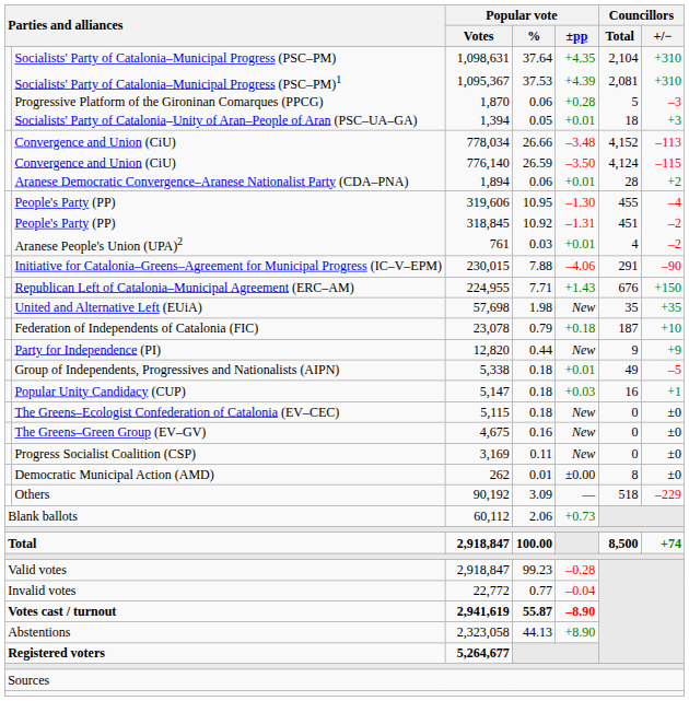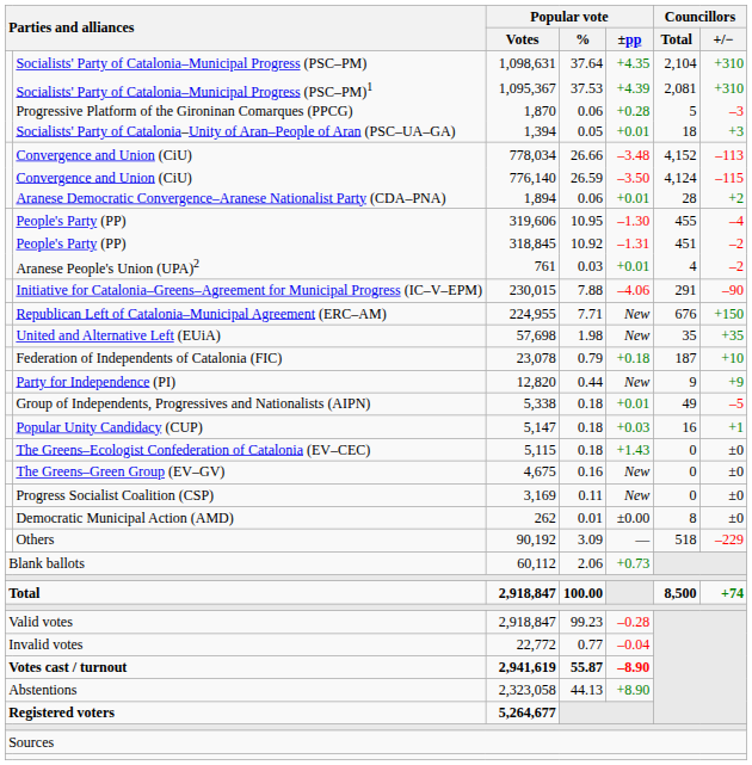 <table class="wikitable" style="text-align:right;">
 <tr>
 <th style="text-align:left;" rowspan="2" colspan="2" width="525">Parties and alliances</th>
 <th colspan="3">Popular vote</th>
 <th colspan="2">Councillors</th>
 </tr>
 <tr>
 <th width="75">Votes</th>
 <th width="45">%</th>
 <th width="45">±<a href='#'>pp</a></th>
 <th width="45">Total</th>
 <th width="45">+/−</th>
 </tr>
 <tr style="line-height:22px;">
 <td width="1" rowspan="4"></td>
 <td align="left"><a href='#'>Socialists' Party of Catalonia–Municipal Progress</a> (PSC–PM)</td>
 <td>1,098,631</td>
 <td>37.64</td>
 <td style="color:green;">+4.35</td>
 <td>2,104</td>
 <td style="color:green;">+310</td>
 </tr>
 <tr style="border-bottom-style:hidden; border-top-style:hidden; line-height:16px;">
 <td align="left"><span><a href='#'>Socialists' Party of Catalonia–Municipal Progress</a> (PSC–PM)<sup>1</sup></span></td>
 <td>1,095,367</td>
 <td>37.53</td>
 <td style="color:green;">+4.39</td>
 <td>2,081</td>
 <td style="color:green;">+310</td>
 </tr>
 <tr style="border-bottom-style:hidden; line-height:16px;">
 <td align="left"><span>Progressive Platform of the Gironinan Comarques (PPCG)</span></td>
 <td>1,870</td>
 <td>0.06</td>
 <td style="color:green;">+0.28</td>
 <td>5</td>
 <td style="color:red;">–3</td>
 </tr>
 <tr style="line-height:16px;">
 <td align="left"><span><a href='#'>Socialists' Party of Catalonia</a>–<a href='#'>Unity of Aran–People of Aran</a> (PSC–UA–GA)</span></td>
 <td>1,394</td>
 <td>0.05</td>
 <td style="color:green;">+0.01</td>
 <td>18</td>
 <td style="color:green;">+3</td>
 </tr>
 <tr style="line-height:22px;">
 <td rowspan="3" style="color:inherit;background:"></td>
 <td align="left"><a href='#'>Convergence and Union</a> (CiU)</td>
 <td>778,034</td>
 <td>26.66</td>
 <td style="color:red;">–3.48</td>
 <td>4,152</td>
 <td style="color:red;">–113</td>
 </tr>
 <tr style="border-bottom-style:hidden; border-top-style:hidden; line-height:16px;">
 <td align="left"><span><a href='#'>Convergence and Union</a> (CiU)</span></td>
 <td>776,140</td>
 <td>26.59</td>
 <td style="color:red;">–3.50</td>
 <td>4,124</td>
 <td style="color:red;">–115</td>
 </tr>
 <tr style="line-height:16px;">
 <td align="left"><span><a href='#'>Aranese Democratic Convergence–Aranese Nationalist Party</a> (CDA–PNA)</span></td>
 <td>1,894</td>
 <td>0.06</td>
 <td style="color:green;">+0.01</td>
 <td>28</td>
 <td style="color:green;">+2</td>
 </tr>
 <tr style="line-height:22px;">
 <td rowspan="3" style="color:inherit;background:"></td>
 <td align="left"><a href='#'>People's Party</a> (PP)</td>
 <td>319,606</td>
 <td>10.95</td>
 <td style="color:red;">–1.30</td>
 <td>455</td>
 <td style="color:red;">–4</td>
 </tr>
 <tr style="border-bottom-style:hidden; border-top-style:hidden; line-height:16px;">
 <td align="left"><span><a href='#'>People's Party</a> (PP)</span></td>
 <td>318,845</td>
 <td>10.92</td>
 <td style="color:red;">–1.31</td>
 <td>451</td>
 <td style="color:red;">–2</td>
 </tr>
 <tr style="line-height:16px;">
 <td align="left"><span>Aranese People's Union (UPA)<sup>2</sup></span></td>
 <td>761</td>
 <td>0.03</td>
 <td style="color:green;">+0.01</td>
 <td>4</td>
 <td style="color:red;">–2</td>
 </tr>
 <tr>
 <td style="color:inherit;background:"></td>
 <td align="left"><a href='#'>Initiative for Catalonia–Greens–Agreement for Municipal Progress</a> (IC–V–EPM)</td>
 <td>230,015</td>
 <td>7.88</td>
 <td style="color:red;">–4.06</td>
 <td>291</td>
 <td style="color:red;">–90</td>
 </tr>
 <tr>
 <td style="color:inherit;background:"></td>
 <td align="left"><a href='#'>Republican Left of Catalonia–Municipal Agreement</a> (ERC–AM)</td>
 <td>224,955</td>
 <td>7.71</td>
-<td style="color:green;">+1.43</td>
+<td><em>New</em></td>
 <td>676</td>
 <td style="color:green;">+150</td>
 </tr>
 <tr>
 <td style="color:inherit;background:"></td>
 <td align="left"><a href='#'>United and Alternative Left</a> (EUiA)</td>
 <td>57,698</td>
 <td>1.98</td>
 <td><em>New</em></td>
 <td>35</td>
 <td style="color:green;">+35</td>
 </tr>
 <tr>
 <td style="color:inherit;background:"></td>
 <td align="left">Federation of Independents of Catalonia (FIC)</td>
 <td>23,078</td>
 <td>0.79</td>
 <td style="color:green;">+0.18</td>
 <td>187</td>
 <td style="color:green;">+10</td>
 </tr>
 <tr>
 <td style="color:inherit;background:"></td>
 <td align="left"><a href='#'>Party for Independence</a> (PI)</td>
 <td>12,820</td>
 <td>0.44</td>
 <td><em>New</em></td>
 <td>9</td>
 <td style="color:green;">+9</td>
 </tr>
 <tr>
 <td style="color:inherit;background:"></td>
 <td align="left">Group of Independents, Progressives and Nationalists (AIPN)</td>
 <td>5,338</td>
 <td>0.18</td>
 <td style="color:green;">+0.01</td>
 <td>49</td>
 <td style="color:red;">–5</td>
 </tr>
 <tr>
 <td style="color:inherit;background:"></td>
 <td align="left"><a href='#'>Popular Unity Candidacy</a> (CUP)</td>
 <td>5,147</td>
 <td>0.18</td>
 <td style="color:green;">+0.03</td>
 <td>16</td>
 <td style="color:green;">+1</td>
 </tr>
 <tr>
 <td style="color:inherit;background:"></td>
 <td align="left"><a href='#'>The Greens–Ecologist Confederation of Catalonia</a> (EV–CEC)</td>
 <td>5,115</td>
 <td>0.18</td>
-<td><em>New</em></td>
+<td style="color:green;">+1.43</td>
 <td>0</td>
 <td>±0</td>
 </tr>
 <tr>
 <td style="color:inherit;background:"></td>
 <td align="left"><a href='#'>The Greens–Green Group</a> (EV–GV)</td>
 <td>4,675</td>
 <td>0.16</td>
 <td><em>New</em></td>
 <td>0</td>
 <td>±0</td>
 </tr>
 <tr>
 <td style="color:inherit;background:"></td>
 <td align="left">Progress Socialist Coalition (CSP)</td>
 <td>3,169</td>
 <td>0.11</td>
 <td><em>New</em></td>
 <td>0</td>
 <td>±0</td>
 </tr>
 <tr>
 <td style="color:inherit;background:"></td>
 <td align="left">Democratic Municipal Action (AMD)</td>
 <td>262</td>
 <td>0.01</td>
 <td>±0.00</td>
 <td>8</td>
 <td>±0</td>
 </tr>
 <tr>
 <td bgcolor="white"></td>
 <td align="left">Others</td>
 <td>90,192</td>
 <td>3.09</td>
 <td>—</td>
 <td>518</td>
 <td style="color:red;">–229</td>
 </tr>
 <tr>
 <td align="left" colspan="2">Blank ballots</td>
 <td>60,112</td>
 <td>2.06</td>
 <td style="color:green;">+0.73</td>
 <td style="color:inherit;background:#E9E9E9" colspan="2"></td>
 </tr>
 <tr>
 <td colspan="7" style="color:inherit;background:#E9E9E9"></td>
 </tr>
 <tr style="font-weight:bold;">
 <td align="left" colspan="2">Total</td>
 <td>2,918,847</td>
 <td>100.00</td>
 <td bgcolor="#E9E9E9"></td>
 <td>8,500</td>
 <td style="color:green;">+74</td>
 </tr>
 <tr>
 <td colspan="7" style="color:inherit;background:#E9E9E9"></td>
 </tr>
 <tr>
 <td align="left" colspan="2">Valid votes</td>
 <td>2,918,847</td>
 <td>99.23</td>
 <td style="color:red;">–0.28</td>
 <td bgcolor="#E9E9E9" colspan="2" rowspan="5"></td>
 </tr>
 <tr>
 <td align="left" colspan="2">Invalid votes</td>
 <td>22,772</td>
 <td>0.77</td>
 <td style="color:red;">–0.04</td>
 </tr>
 <tr style="font-weight:bold;">
 <td align="left" colspan="2">Votes cast / turnout</td>
 <td>2,941,619</td>
 <td>55.87</td>
 <td style="color:red;">–8.90</td>
 </tr>
 <tr>
 <td align="left" colspan="2">Abstentions</td>
 <td>2,323,058</td>
 <td>44.13</td>
 <td style="color:green;">+8.90</td>
 </tr>
 <tr style="font-weight:bold;">
 <td align="left" colspan="2">Registered voters</td>
 <td>5,264,677</td>
 <td bgcolor="#E9E9E9" colspan="2"></td>
 </tr>
 <tr>
 <td colspan="7" style="color:inherit;background:#E9E9E9"></td>
 </tr>
 <tr>
 <td align="left" colspan="7">Sources</td>
 </tr>
 <tr>
 <td colspan="7" style="text-align:left; max-width:790px;"></td>
 </tr>
 </table>
